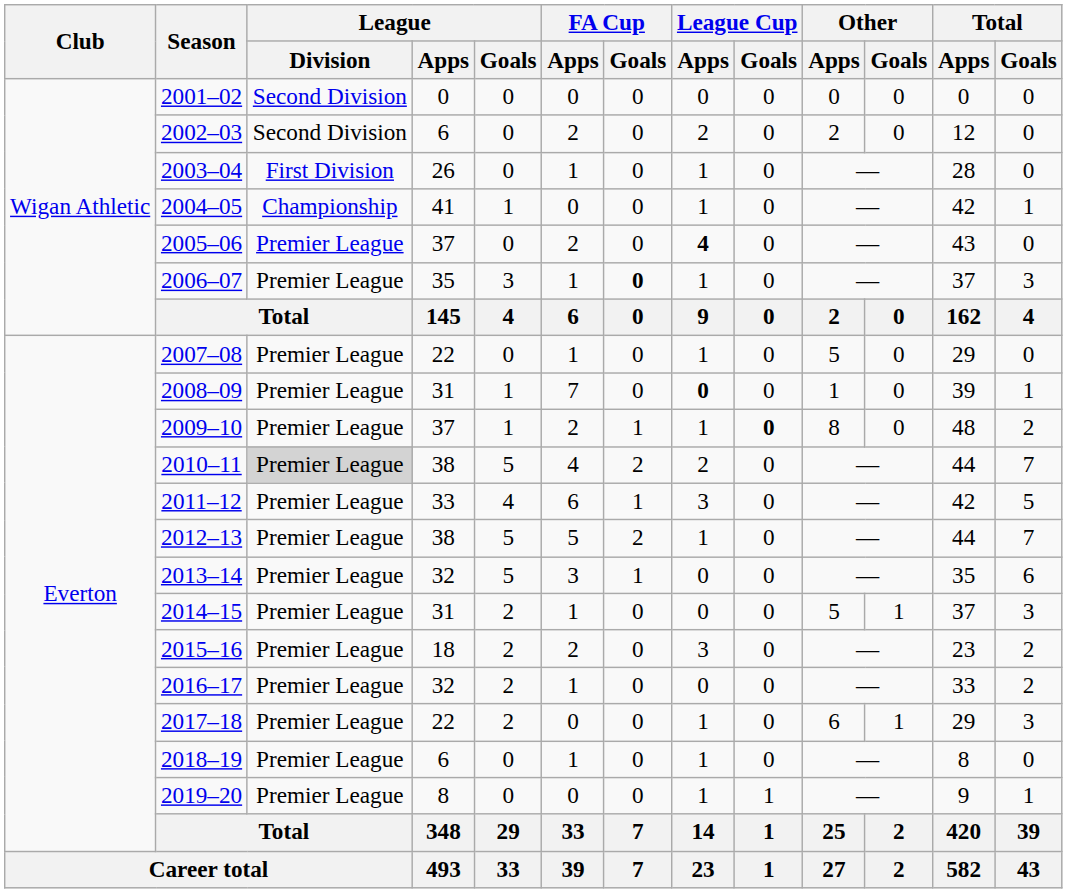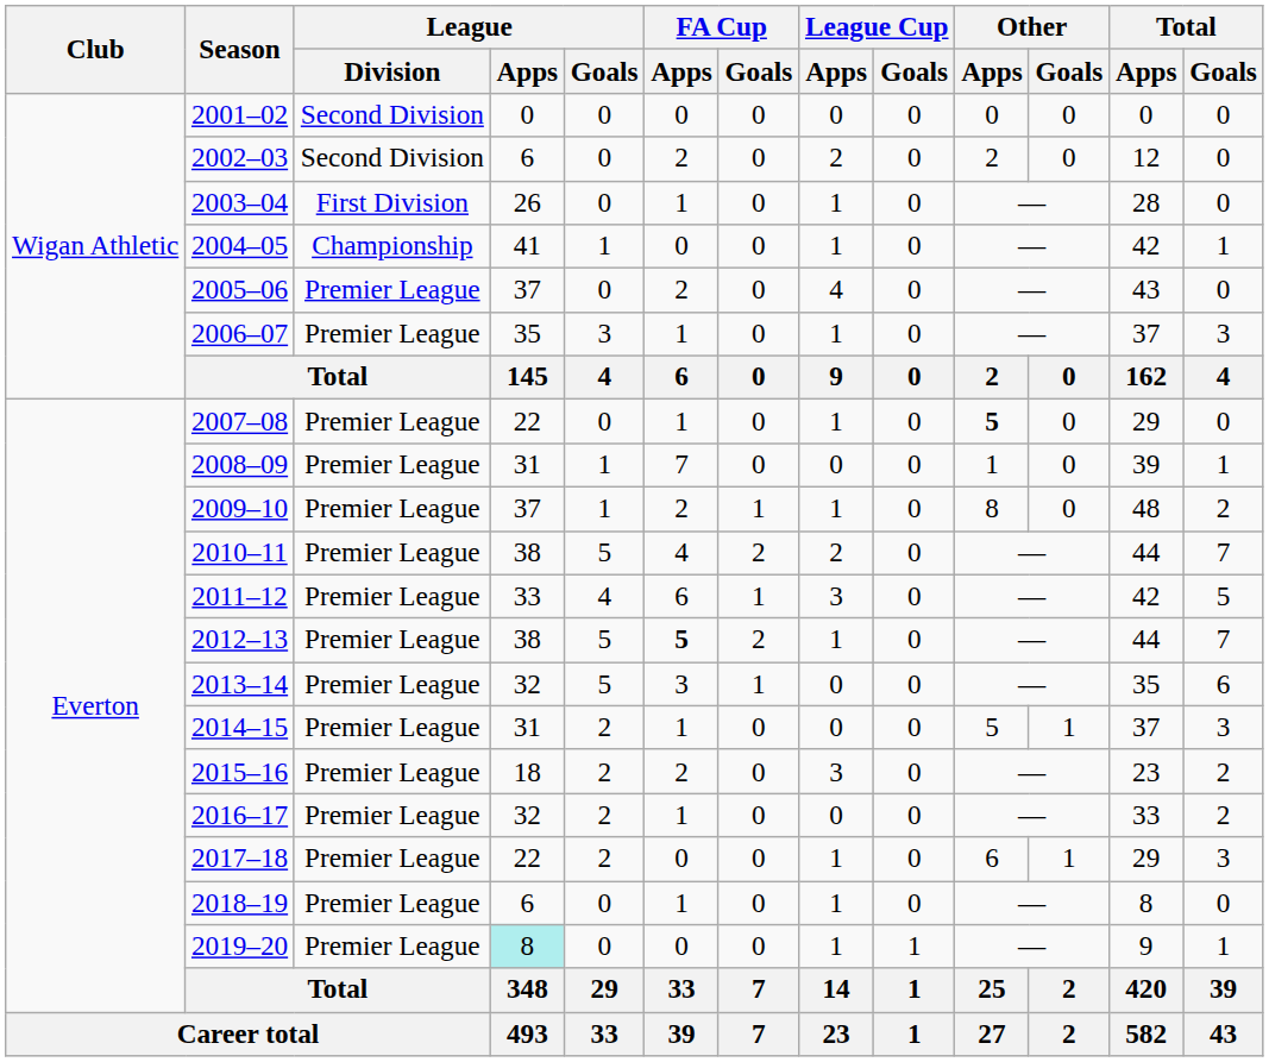 <table class="wikitable" style="text-align:center">
 <tr>
 <th rowspan="2">Club</th>
 <th rowspan="2">Season</th>
 <th colspan="3">League</th>
 <th colspan="2"><a href='#'>FA Cup</a></th>
 <th colspan="2"><a href='#'>League Cup</a></th>
 <th colspan="2">Other</th>
 <th colspan="2">Total</th>
 </tr>
 <tr>
 <th>Division</th>
 <th>Apps</th>
 <th>Goals</th>
 <th>Apps</th>
 <th>Goals</th>
 <th>Apps</th>
 <th>Goals</th>
 <th>Apps</th>
 <th>Goals</th>
 <th>Apps</th>
 <th>Goals</th>
 </tr>
 <tr>
 <td rowspan="7"><a href='#'>Wigan Athletic</a></td>
 <td><a href='#'>2001–02</a></td>
 <td><a href='#'>Second Division</a></td>
 <td>0</td>
 <td>0</td>
 <td>0</td>
 <td>0</td>
 <td>0</td>
 <td>0</td>
 <td>0</td>
 <td>0</td>
 <td>0</td>
 <td>0</td>
 </tr>
 <tr>
 <td><a href='#'>2002–03</a></td>
 <td>Second Division</td>
 <td>6</td>
 <td>0</td>
 <td>2</td>
 <td>0</td>
 <td>2</td>
 <td>0</td>
 <td>2</td>
 <td>0</td>
 <td>12</td>
 <td>0</td>
 </tr>
 <tr>
 <td><a href='#'>2003–04</a></td>
 <td><a href='#'>First Division</a></td>
 <td>26</td>
 <td>0</td>
 <td>1</td>
 <td>0</td>
 <td>1</td>
 <td>0</td>
 <td colspan="2">—</td>
 <td>28</td>
 <td>0</td>
 </tr>
 <tr>
 <td><a href='#'>2004–05</a></td>
 <td><a href='#'>Championship</a></td>
 <td>41</td>
 <td>1</td>
 <td>0</td>
 <td>0</td>
 <td>1</td>
 <td>0</td>
 <td colspan="2">—</td>
 <td>42</td>
 <td>1</td>
 </tr>
 <tr>
 <td><a href='#'>2005–06</a></td>
 <td><a href='#'>Premier League</a></td>
 <td>37</td>
 <td>0</td>
 <td>2</td>
 <td>0</td>
-<td><strong>4</strong></td>
+<td>4</td>
 <td>0</td>
 <td colspan="2">—</td>
 <td>43</td>
 <td>0</td>
 </tr>
 <tr>
 <td><a href='#'>2006–07</a></td>
 <td>Premier League</td>
 <td>35</td>
 <td>3</td>
 <td>1</td>
-<td><strong>0</strong></td>
+<td>0</td>
 <td>1</td>
 <td>0</td>
 <td colspan="2">—</td>
 <td>37</td>
 <td>3</td>
 </tr>
 <tr>
 <th colspan="2">Total</th>
 <th>145</th>
 <th>4</th>
 <th>6</th>
 <th>0</th>
 <th>9</th>
 <th>0</th>
 <th>2</th>
 <th>0</th>
 <th>162</th>
 <th>4</th>
 </tr>
 <tr>
 <td rowspan="14"><a href='#'>Everton</a></td>
 <td><a href='#'>2007–08</a></td>
 <td>Premier League</td>
 <td>22</td>
 <td>0</td>
 <td>1</td>
 <td>0</td>
 <td>1</td>
 <td>0</td>
-<td>5</td>
+<td><strong>5</strong></td>
 <td>0</td>
 <td>29</td>
 <td>0</td>
 </tr>
 <tr>
 <td><a href='#'>2008–09</a></td>
 <td>Premier League</td>
 <td>31</td>
 <td>1</td>
 <td>7</td>
 <td>0</td>
-<td><strong>0</strong></td>
+<td>0</td>
 <td>0</td>
 <td>1</td>
 <td>0</td>
 <td>39</td>
 <td>1</td>
 </tr>
 <tr>
 <td><a href='#'>2009–10</a></td>
 <td>Premier League</td>
 <td>37</td>
 <td>1</td>
 <td>2</td>
 <td>1</td>
 <td>1</td>
-<td><strong>0</strong></td>
+<td>0</td>
 <td>8</td>
 <td>0</td>
 <td>48</td>
 <td>2</td>
 </tr>
 <tr>
 <td><a href='#'>2010–11</a></td>
-<td style="background: lightgrey;">Premier League</td>
+<td>Premier League</td>
 <td>38</td>
 <td>5</td>
 <td>4</td>
 <td>2</td>
 <td>2</td>
 <td>0</td>
 <td colspan="2">—</td>
 <td>44</td>
 <td>7</td>
 </tr>
 <tr>
 <td><a href='#'>2011–12</a></td>
 <td>Premier League</td>
 <td>33</td>
 <td>4</td>
 <td>6</td>
 <td>1</td>
 <td>3</td>
 <td>0</td>
 <td colspan="2">—</td>
 <td>42</td>
 <td>5</td>
 </tr>
 <tr>
 <td><a href='#'>2012–13</a></td>
 <td>Premier League</td>
 <td>38</td>
 <td>5</td>
-<td>5</td>
+<td><strong>5</strong></td>
 <td>2</td>
 <td>1</td>
 <td>0</td>
 <td colspan="2">—</td>
 <td>44</td>
 <td>7</td>
 </tr>
 <tr>
 <td><a href='#'>2013–14</a></td>
 <td>Premier League</td>
 <td>32</td>
 <td>5</td>
 <td>3</td>
 <td>1</td>
 <td>0</td>
 <td>0</td>
 <td colspan="2">—</td>
 <td>35</td>
 <td>6</td>
 </tr>
 <tr>
 <td><a href='#'>2014–15</a></td>
 <td>Premier League</td>
 <td>31</td>
 <td>2</td>
 <td>1</td>
 <td>0</td>
 <td>0</td>
 <td>0</td>
 <td>5</td>
 <td>1</td>
 <td>37</td>
 <td>3</td>
 </tr>
 <tr>
 <td><a href='#'>2015–16</a></td>
 <td>Premier League</td>
 <td>18</td>
 <td>2</td>
 <td>2</td>
 <td>0</td>
 <td>3</td>
 <td>0</td>
 <td colspan="2">—</td>
 <td>23</td>
 <td>2</td>
 </tr>
 <tr>
 <td><a href='#'>2016–17</a></td>
 <td>Premier League</td>
 <td>32</td>
 <td>2</td>
 <td>1</td>
 <td>0</td>
 <td>0</td>
 <td>0</td>
 <td colspan="2">—</td>
 <td>33</td>
 <td>2</td>
 </tr>
 <tr>
 <td><a href='#'>2017–18</a></td>
 <td>Premier League</td>
 <td>22</td>
 <td>2</td>
 <td>0</td>
 <td>0</td>
 <td>1</td>
 <td>0</td>
 <td>6</td>
 <td>1</td>
 <td>29</td>
 <td>3</td>
 </tr>
 <tr>
 <td><a href='#'>2018–19</a></td>
 <td>Premier League</td>
 <td>6</td>
 <td>0</td>
 <td>1</td>
 <td>0</td>
 <td>1</td>
 <td>0</td>
 <td colspan="2">—</td>
 <td>8</td>
 <td>0</td>
 </tr>
 <tr>
 <td><a href='#'>2019–20</a></td>
 <td>Premier League</td>
-<td>8</td>
+<td style="background: paleturquoise;">8</td>
 <td>0</td>
 <td>0</td>
 <td>0</td>
 <td>1</td>
 <td>1</td>
 <td colspan="2">—</td>
 <td>9</td>
 <td>1</td>
 </tr>
 <tr>
 <th colspan="2">Total</th>
 <th>348</th>
 <th>29</th>
 <th>33</th>
 <th>7</th>
 <th>14</th>
 <th>1</th>
 <th>25</th>
 <th>2</th>
 <th>420</th>
 <th>39</th>
 </tr>
 <tr>
 <th colspan="3">Career total</th>
 <th>493</th>
 <th>33</th>
 <th>39</th>
 <th>7</th>
 <th>23</th>
 <th>1</th>
 <th>27</th>
 <th>2</th>
 <th>582</th>
 <th>43</th>
 </tr>
 </table>
